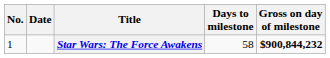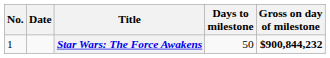 <table class="wikitable">
 <tr>
 <th scope="col">No.</th>
 <th scope="col">Date</th>
 <th scope="col">Title</th>
 <th scope="col">Days to <br>milestone</th>
 <th scope="col">Gross on day <br>of milestone</th>
 </tr>
 <tr>
 <td>1</td>
 <td></td>
 <th scope="row"><em><a href='#'>Star Wars: The Force Awakens</a></em></th>
-<td style="text-align:right;">58</td>
+<td style="text-align:right;">50</td>
 <td style="text-align:right;"><strong>$900,844,232</strong></td>
 </tr>
 </table>
